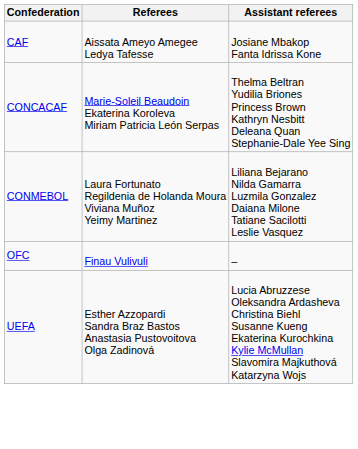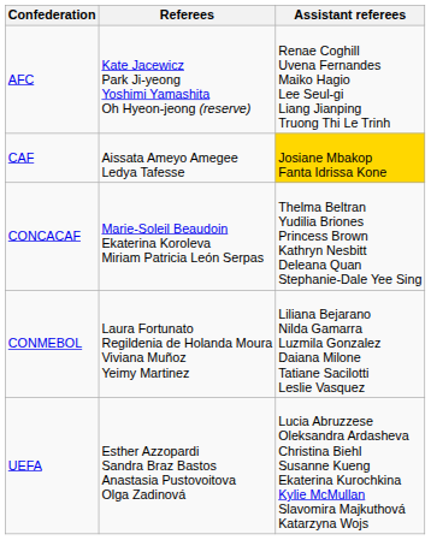 <table class="wikitable">
 <tr>
 <th>Confederation</th>
 <th>Referees</th>
 <th>Assistant referees</th>
 </tr>
 <tr>
+<td><a href='#'>AFC</a></td>
+<td><br> <a href='#'>Kate Jacewicz</a><br>  Park Ji-yeong<br>  <a href='#'>Yoshimi Yamashita</a><br>  Oh Hyeon-jeong <em>(reserve)</em></td>
+<td><br> Renae Coghill<br>  Uvena Fernandes<br>  Maiko Hagio<br>  Lee Seul-gi<br>  Liang Jianping<br>  Truong Thi Le Trinh</td>
+</tr>
+<tr>
 <td><a href='#'>CAF</a></td>
 <td><br> Aissata Ameyo Amegee<br>  Ledya Tafesse</td>
-<td><br> Josiane Mbakop<br>  Fanta Idrissa Kone</td>
+<td style="background: gold;"><br> Josiane Mbakop<br>  Fanta Idrissa Kone</td>
 </tr>
 <tr>
 <td><a href='#'>CONCACAF</a></td>
 <td><br> <a href='#'>Marie-Soleil Beaudoin</a><br>  Ekaterina Koroleva<br>  Miriam Patricia León Serpas</td>
 <td><br> Thelma Beltran<br>  Yudilia Briones<br>  Princess Brown<br>  Kathryn Nesbitt<br>  Deleana Quan<br>  Stephanie-Dale Yee Sing</td>
 </tr>
 <tr>
 <td><a href='#'>CONMEBOL</a></td>
 <td><br> Laura Fortunato<br>  Regildenia de Holanda Moura<br>  Viviana Muñoz<br>  Yeimy Martinez</td>
 <td><br> Liliana Bejarano<br>  Nilda Gamarra<br>  Luzmila Gonzalez<br>  Daiana Milone<br>  Tatiane Sacilotti<br>  Leslie Vasquez</td>
 </tr>
 <tr>
-<td><a href='#'>OFC</a></td>
-<td><br> <a href='#'>Finau Vulivuli</a></td>
-<td><br>–</td>
-</tr>
-<tr>
 <td><a href='#'>UEFA</a></td>
 <td><br> Esther Azzopardi<br>  Sandra Braz Bastos<br>  Anastasia Pustovoitova<br>  Olga Zadinová</td>
 <td><br> Lucia Abruzzese<br>  Oleksandra Ardasheva<br>  Christina Biehl<br>  Susanne Kueng<br>  Ekaterina Kurochkina<br>  <a href='#'>Kylie McMullan</a><br>  Slavomira Majkuthová<br>  Katarzyna Wojs</td>
 </tr>
 </table>
